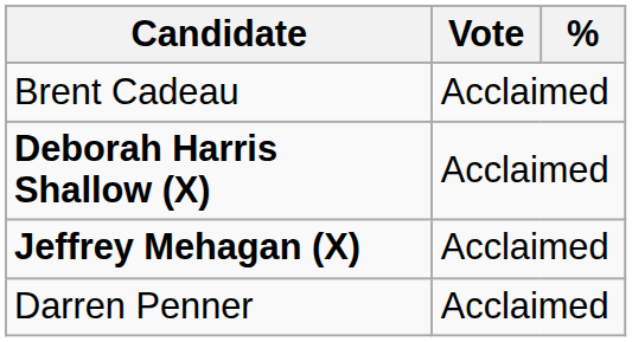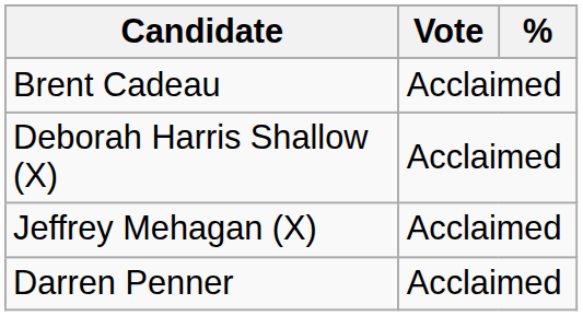 <table class="wikitable">
 <tr>
 <th bgcolor="#DDDDFF" width="180px">Candidate</th>
 <th bgcolor="#DDDDFF" width="40px">Vote</th>
 <th bgcolor="#DDDDFF" width="30px">%</th>
 </tr>
 <tr>
 <td>Brent Cadeau</td>
 <td colspan="2">Acclaimed</td>
 </tr>
 <tr>
-<td><strong>Deborah Harris Shallow (X)</strong></td>
+<td>Deborah Harris Shallow (X)</td>
 <td colspan="2">Acclaimed</td>
 </tr>
 <tr>
-<td><strong>Jeffrey Mehagan (X)</strong></td>
+<td>Jeffrey Mehagan (X)</td>
 <td colspan="2">Acclaimed</td>
 </tr>
 <tr>
 <td>Darren Penner</td>
 <td colspan="2">Acclaimed</td>
 </tr>
 </table>
